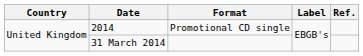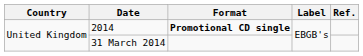 <table class="wikitable plainrowheaders">
 <tr>
 <th scope="col">Country</th>
 <th scope="col">Date</th>
 <th scope="col">Format</th>
 <th scope="col">Label</th>
 <th scope="col">Ref.</th>
 </tr>
 <tr>
 <td rowspan="2">United Kingdom</td>
 <td>2014</td>
-<td>Promotional CD single</td>
+<td><strong>Promotional CD single</strong></td>
 <td rowspan="2">EBGB's</td>
 <td></td>
 </tr>
 <tr>
 <td>31 March 2014</td>
 <td></td>
 <td></td>
 </tr>
 </table>
